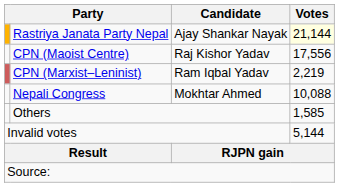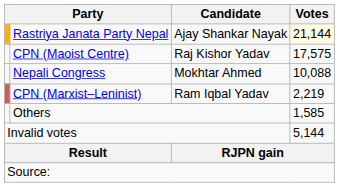 <table class="wikitable">
 <tr>
 <th colspan="2">Party</th>
 <th>Candidate</th>
 <th>Votes</th>
 </tr>
 <tr>
 <td style="background-color:#ffb300"></td>
 <td><a href='#'>Rastriya Janata Party Nepal</a></td>
 <td>Ajay Shankar Nayak</td>
 <td style="background: lightyellow;">21,144</td>
 </tr>
 <tr>
 <td style="background-color:"></td>
 <td><a href='#'>CPN (Maoist Centre)</a></td>
 <td>Raj Kishor Yadav</td>
-<td>17,556</td>
+<td>17,575</td>
+</tr>
+<tr>
+<td style="background-color:"></td>
+<td><a href='#'>Nepali Congress</a></td>
+<td>Mokhtar Ahmed</td>
+<td>10,088</td>
 </tr>
 <tr>
 <td style="background-color:indianred"></td>
 <td><a href='#'>CPN (Marxist–Leninist)</a></td>
 <td>Ram Iqbal Yadav</td>
 <td>2,219</td>
-</tr>
-<tr>
-<td style="background-color:"></td>
-<td><a href='#'>Nepali Congress</a></td>
-<td>Mokhtar Ahmed</td>
-<td>10,088</td>
 </tr>
 <tr>
 <td></td>
 <td colspan="2">Others</td>
 <td>1,585</td>
 </tr>
 <tr>
 <td colspan="3">Invalid votes</td>
 <td>5,144</td>
 </tr>
 <tr>
 <th colspan="2">Result</th>
 <th colspan="2">RJPN gain</th>
 </tr>
 <tr>
 <td colspan="4">Source: </td>
 </tr>
 </table>
